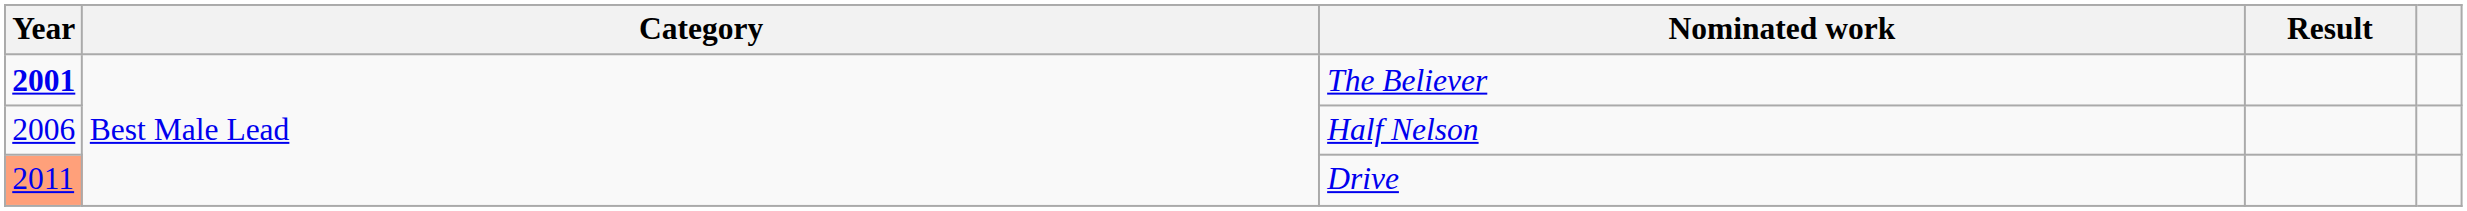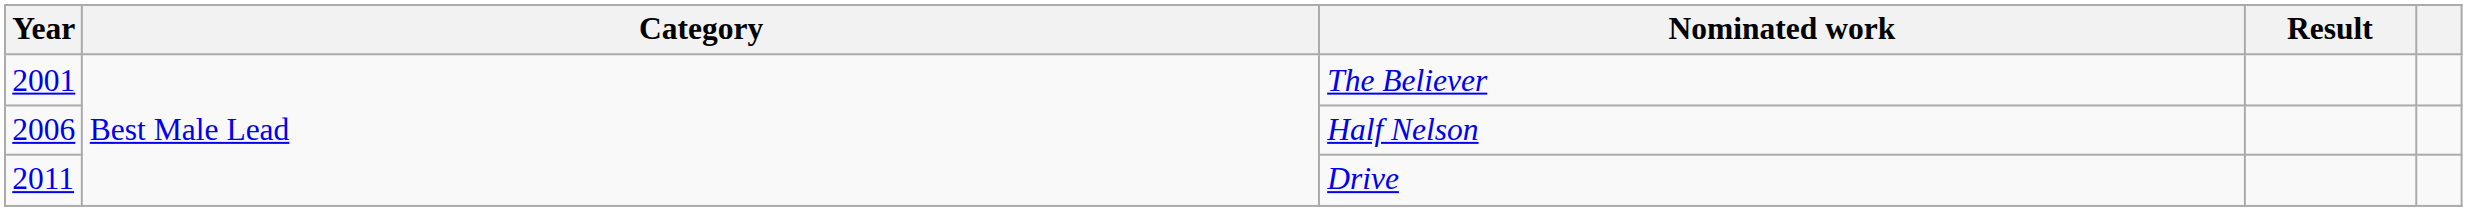 <table class=wikitable>
 <tr>
 <th scope="col" style="width:1em;">Year</th>
 <th scope="col" style="width:39em;">Category</th>
 <th scope="col" style="width:29em;">Nominated work</th>
 <th scope="col" style="width:5em;">Result</th>
 <th scope="col" style="width:1em;"></th>
 </tr>
 <tr>
-<td><strong><a href='#'>2001</a></strong></td>
+<td><a href='#'>2001</a></td>
 <td rowspan="3"><a href='#'>Best Male Lead</a></td>
 <td><em><a href='#'>The Believer</a></em></td>
 <td></td>
 <td></td>
 </tr>
 <tr>
 <td><a href='#'>2006</a></td>
 <td><em><a href='#'>Half Nelson</a></em></td>
 <td></td>
 <td></td>
 </tr>
 <tr>
-<td style="background: lightsalmon;"><a href='#'>2011</a></td>
+<td><a href='#'>2011</a></td>
 <td><em><a href='#'>Drive</a></em></td>
 <td></td>
 <td></td>
 </tr>
 </table>
